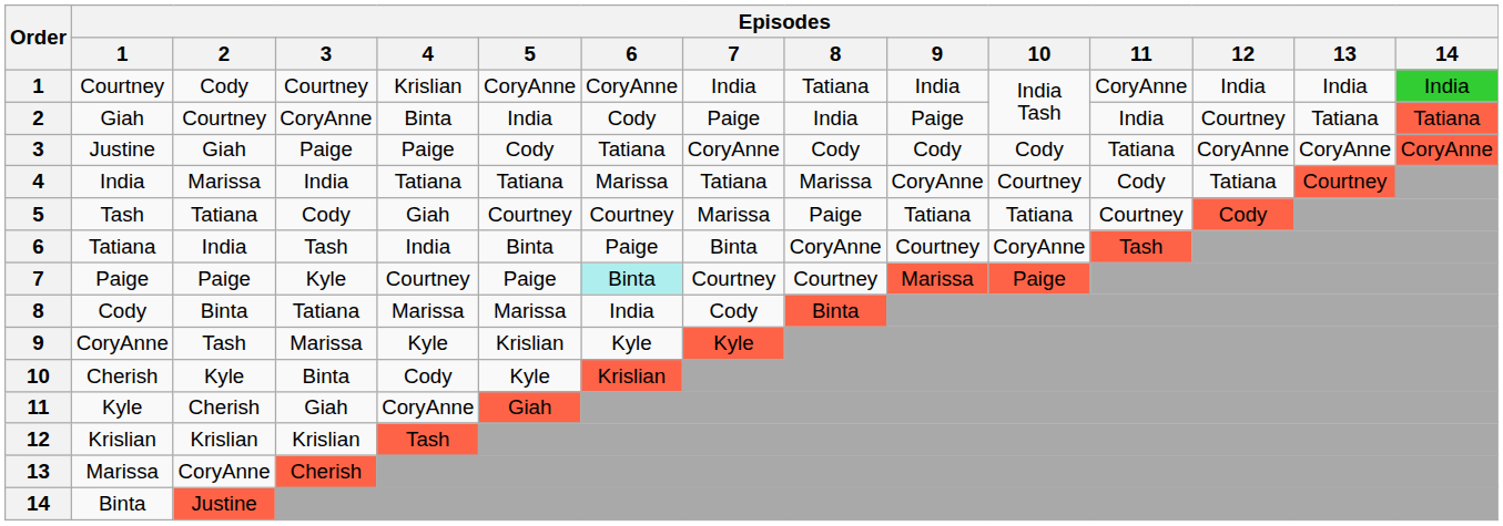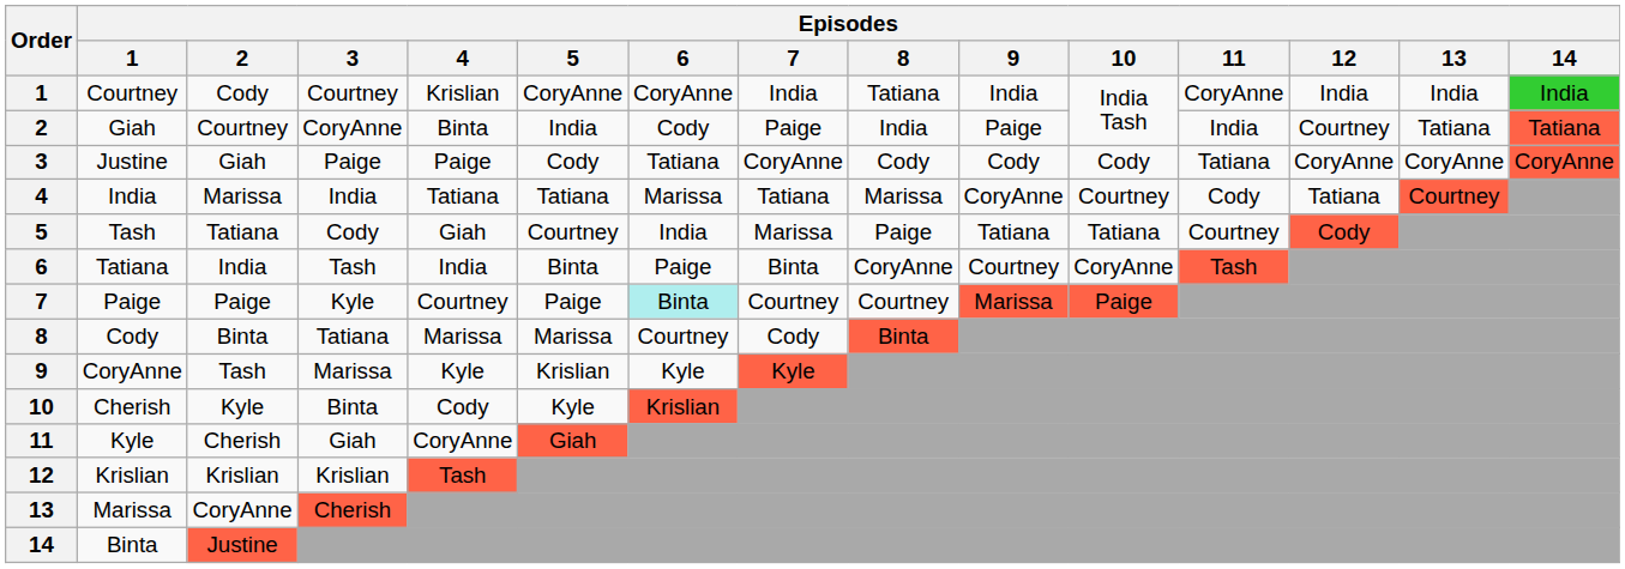 <table class="wikitable" style="text-align:center; font-size:92%">
 <tr>
 <th rowspan="2">Order</th>
 <th colspan="15">Episodes</th>
 </tr>
 <tr>
 <th>1</th>
 <th>2</th>
 <th>3</th>
 <th>4</th>
 <th>5</th>
 <th>6</th>
 <th>7</th>
 <th>8</th>
 <th>9</th>
 <th>10</th>
 <th>11</th>
 <th>12</th>
 <th>13</th>
 <th>14</th>
 </tr>
 <tr>
 <th>1</th>
 <td>Courtney</td>
 <td>Cody</td>
 <td>Courtney</td>
 <td>Krislian</td>
 <td>CoryAnne</td>
 <td>CoryAnne</td>
 <td>India</td>
 <td>Tatiana</td>
 <td>India</td>
 <td rowspan="2">India<br>Tash</td>
 <td>CoryAnne</td>
 <td>India</td>
 <td>India</td>
 <td style="background:limegreen;">India</td>
 </tr>
 <tr>
 <th>2</th>
 <td>Giah</td>
 <td>Courtney</td>
 <td>CoryAnne</td>
 <td>Binta</td>
 <td>India</td>
 <td>Cody</td>
 <td>Paige</td>
 <td>India</td>
 <td>Paige</td>
 <td>India</td>
 <td>Courtney</td>
 <td>Tatiana</td>
 <td style="background:tomato;">Tatiana</td>
 </tr>
 <tr>
 <th>3</th>
 <td>Justine</td>
 <td>Giah</td>
 <td>Paige</td>
 <td>Paige</td>
 <td>Cody</td>
 <td>Tatiana</td>
 <td>CoryAnne</td>
 <td>Cody</td>
 <td>Cody</td>
 <td>Cody</td>
 <td>Tatiana</td>
 <td>CoryAnne</td>
 <td>CoryAnne</td>
 <td style="background:tomato;">CoryAnne</td>
 </tr>
 <tr>
 <th>4</th>
 <td>India</td>
 <td>Marissa</td>
 <td>India</td>
 <td>Tatiana</td>
 <td>Tatiana</td>
 <td>Marissa</td>
 <td>Tatiana</td>
 <td>Marissa</td>
 <td>CoryAnne</td>
 <td>Courtney</td>
 <td>Cody</td>
 <td>Tatiana</td>
 <td style="background:tomato;">Courtney</td>
 <td style="background:darkgray;"></td>
 </tr>
 <tr>
 <th>5</th>
 <td>Tash</td>
 <td>Tatiana</td>
 <td>Cody</td>
 <td>Giah</td>
 <td>Courtney</td>
-<td>Courtney</td>
+<td>India</td>
 <td>Marissa</td>
 <td>Paige</td>
 <td>Tatiana</td>
 <td>Tatiana</td>
 <td>Courtney</td>
 <td style="background:tomato;">Cody</td>
 <td colspan="3" style="background:darkgray"></td>
 </tr>
 <tr>
 <th>6</th>
 <td>Tatiana</td>
 <td>India</td>
 <td>Tash</td>
 <td>India</td>
 <td>Binta</td>
 <td>Paige</td>
 <td>Binta</td>
 <td>CoryAnne</td>
 <td>Courtney</td>
 <td>CoryAnne</td>
 <td style="background:tomato;">Tash</td>
 <td colspan="4" style="background:darkgray"></td>
 </tr>
 <tr>
 <th>7</th>
 <td>Paige</td>
 <td>Paige</td>
 <td>Kyle</td>
 <td>Courtney</td>
 <td>Paige</td>
 <td style="background: paleturquoise;">Binta</td>
 <td>Courtney</td>
 <td>Courtney</td>
 <td style="background:tomato;">Marissa</td>
 <td style="background:tomato;">Paige</td>
 <td colspan="5" style="background:darkgray"></td>
 </tr>
 <tr>
 <th>8</th>
 <td>Cody</td>
 <td>Binta</td>
 <td>Tatiana</td>
 <td>Marissa</td>
 <td>Marissa</td>
-<td>India</td>
+<td>Courtney</td>
 <td>Cody</td>
 <td style="background:tomato;">Binta</td>
 <td colspan="8" style="background:darkgray"></td>
 </tr>
 <tr>
 <th>9</th>
 <td>CoryAnne</td>
 <td>Tash</td>
 <td>Marissa</td>
 <td>Kyle</td>
 <td>Krislian</td>
 <td>Kyle</td>
 <td style="background:tomato;">Kyle</td>
 <td colspan="9" style="background:darkgray"></td>
 </tr>
 <tr>
 <th>10</th>
 <td>Cherish</td>
 <td>Kyle</td>
 <td>Binta</td>
 <td>Cody</td>
 <td>Kyle</td>
 <td style="background:tomato;">Krislian</td>
 <td colspan="10" style="background:darkgray"></td>
 </tr>
 <tr>
 <th>11</th>
 <td>Kyle</td>
 <td>Cherish</td>
 <td>Giah</td>
 <td>CoryAnne</td>
 <td style="background:tomato;">Giah</td>
 <td colspan="11" style="background:darkgray"></td>
 </tr>
 <tr>
 <th>12</th>
 <td>Krislian</td>
 <td>Krislian</td>
 <td>Krislian</td>
 <td style="background:tomato;">Tash</td>
 <td colspan="12" style="background:darkgray"></td>
 </tr>
 <tr>
 <th>13</th>
 <td>Marissa</td>
 <td>CoryAnne</td>
 <td style="background:tomato;">Cherish</td>
 <td colspan="13" style="background:darkgray"></td>
 </tr>
 <tr>
 <th>14</th>
 <td>Binta</td>
 <td style="background:tomato;">Justine</td>
 <td colspan="14" style="background:darkgray"></td>
 </tr>
 </table>
